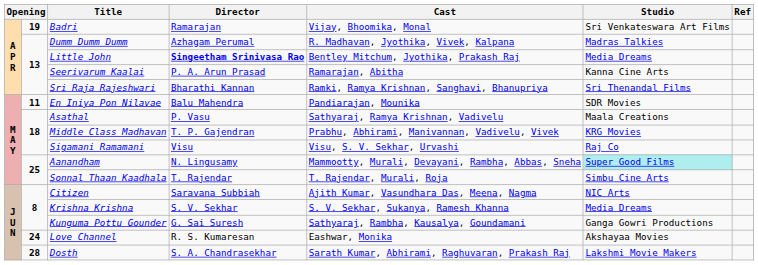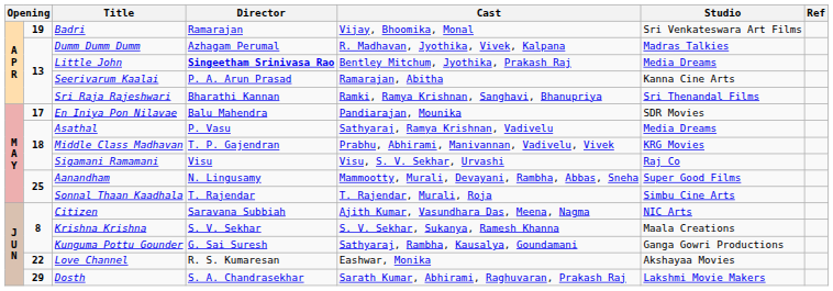 <table class="wikitable">
 <tr>
 <th colspan="2">Opening</th>
 <th>Title</th>
 <th>Director</th>
 <th>Cast</th>
 <th>Studio</th>
 <th>Ref</th>
 </tr>
 <tr April!>
 <td rowspan="5" valign="center" align="center" style="background:#FFDEAD; textcolor:#000;"><strong>A<br>P<br>R</strong></td>
 <td rowspan="1" align="center"><strong>19</strong></td>
 <td><em><a href='#'>Badri</a></em></td>
 <td><a href='#'>Ramarajan</a></td>
 <td><a href='#'>Vijay</a>, <a href='#'>Bhoomika</a>, <a href='#'>Monal</a></td>
 <td>Sri Venkateswara Art Films</td>
 <td></td>
 </tr>
 <tr>
 <td rowspan="4" align="center"><strong>13</strong></td>
 <td><em><a href='#'>Dumm Dumm Dumm</a></em></td>
 <td><a href='#'>Azhagam Perumal</a></td>
 <td><a href='#'>R. Madhavan</a>, <a href='#'>Jyothika</a>, <a href='#'>Vivek</a>, <a href='#'>Kalpana</a></td>
 <td><a href='#'>Madras Talkies</a></td>
 <td></td>
 </tr>
 <tr>
 <td><em><a href='#'>Little John</a></em></td>
 <td><strong><a href='#'>Singeetham Srinivasa Rao</a></strong></td>
 <td><a href='#'>Bentley Mitchum</a>, <a href='#'>Jyothika</a>, <a href='#'>Prakash Raj</a></td>
 <td><a href='#'>Media Dreams</a></td>
 <td></td>
 </tr>
 <tr>
 <td><em><a href='#'>Seerivarum Kaalai</a></em></td>
 <td><a href='#'>P. A. Arun Prasad</a></td>
 <td><a href='#'>Ramarajan</a>, <a href='#'>Abitha</a></td>
 <td>Kanna Cine Arts</td>
 <td></td>
 </tr>
 <tr>
 <td><em><a href='#'>Sri Raja Rajeshwari</a></em></td>
 <td><a href='#'>Bharathi Kannan</a></td>
 <td><a href='#'>Ramki</a>, <a href='#'>Ramya Krishnan</a>, <a href='#'>Sanghavi</a>, <a href='#'>Bhanupriya</a></td>
 <td><a href='#'>Sri Thenandal Films</a></td>
 <td></td>
 </tr>
 <tr May!>
 <td rowspan="6" valign="center" align="center" style="background:#edafaf; textcolor:#000;"><strong>M<br>A<br>Y</strong></td>
-<td rowspan="1" align="center"><strong>11</strong></td>
+<td rowspan="1" align="center"><strong>17</strong></td>
 <td><em><a href='#'>En Iniya Pon Nilavae</a></em></td>
 <td><a href='#'>Balu Mahendra</a></td>
 <td><a href='#'>Pandiarajan</a>, <a href='#'>Mounika</a></td>
 <td>SDR Movies</td>
 <td></td>
 </tr>
 <tr>
 <td rowspan="3" align="center"><strong>18</strong></td>
 <td><em><a href='#'>Asathal</a></em></td>
 <td><a href='#'>P. Vasu</a></td>
 <td><a href='#'>Sathyaraj</a>, <a href='#'>Ramya Krishnan</a>, <a href='#'>Vadivelu</a></td>
-<td>Maala Creations</td>
+<td><a href='#'>Media Dreams</a></td>
 <td></td>
 </tr>
 <tr>
 <td><em><a href='#'>Middle Class Madhavan</a></em></td>
 <td><a href='#'>T. P. Gajendran</a></td>
 <td><a href='#'>Prabhu</a>, <a href='#'>Abhirami</a>, <a href='#'>Manivannan</a>, <a href='#'>Vadivelu</a>, <a href='#'>Vivek</a></td>
 <td><a href='#'>KRG Movies</a></td>
 <td></td>
 </tr>
 <tr>
 <td><em><a href='#'>Sigamani Ramamani</a></em></td>
 <td><a href='#'>Visu</a></td>
 <td><a href='#'>Visu</a>, <a href='#'>S. V. Sekhar</a>, <a href='#'>Urvashi</a></td>
 <td><a href='#'>Raj Co</a></td>
 <td></td>
 </tr>
 <tr>
 <td rowspan="2" align="center"><strong>25</strong></td>
 <td><em><a href='#'>Aanandham</a></em></td>
 <td><a href='#'>N. Lingusamy</a></td>
 <td><a href='#'>Mammootty</a>, <a href='#'>Murali</a>, <a href='#'>Devayani</a>, <a href='#'>Rambha</a>, <a href='#'>Abbas</a>, <a href='#'>Sneha</a></td>
-<td style="background: paleturquoise;"><a href='#'>Super Good Films</a></td>
+<td><a href='#'>Super Good Films</a></td>
 <td></td>
 </tr>
 <tr>
 <td><em><a href='#'>Sonnal Thaan Kaadhala</a></em></td>
 <td><a href='#'>T. Rajendar</a></td>
 <td><a href='#'>T. Rajendar</a>, <a href='#'>Murali</a>, <a href='#'>Roja</a></td>
 <td><a href='#'>Simbu Cine Arts</a></td>
 <td></td>
 </tr>
 <tr June!>
 <td rowspan="5" valign="center" align="center" style="background:#d9c1b0; textcolor:#000;"><strong>J<br>U<br>N</strong></td>
 <td rowspan="3" align="center"><strong>8</strong></td>
 <td><em><a href='#'>Citizen</a></em></td>
 <td><a href='#'>Saravana Subbiah</a></td>
 <td><a href='#'>Ajith Kumar</a>, <a href='#'>Vasundhara Das</a>, <a href='#'>Meena</a>, <a href='#'>Nagma</a></td>
 <td><a href='#'>NIC Arts</a></td>
 <td></td>
 </tr>
 <tr>
 <td><em><a href='#'>Krishna Krishna</a></em></td>
 <td><a href='#'>S. V. Sekhar</a></td>
 <td><a href='#'>S. V. Sekhar</a>, <a href='#'>Sukanya</a>, <a href='#'>Ramesh Khanna</a></td>
-<td><a href='#'>Media Dreams</a></td>
+<td>Maala Creations</td>
 <td></td>
 </tr>
 <tr>
 <td><em><a href='#'>Kunguma Pottu Gounder</a></em></td>
 <td><a href='#'>G. Sai Suresh</a></td>
 <td><a href='#'>Sathyaraj</a>, <a href='#'>Rambha</a>, <a href='#'>Kausalya</a>, <a href='#'>Goundamani</a></td>
 <td>Ganga Gowri Productions</td>
 <td></td>
 </tr>
 <tr>
-<td rowspan="1" align="center"><strong>24</strong></td>
+<td rowspan="1" align="center"><strong>22</strong></td>
 <td><em><a href='#'>Love Channel</a></em></td>
 <td>R. S. Kumaresan</td>
 <td>Eashwar, <a href='#'>Monika</a></td>
 <td>Akshayaa Movies</td>
 <td></td>
 </tr>
 <tr>
-<td rowspan="1" align="center"><strong>28</strong></td>
+<td rowspan="1" align="center"><strong>29</strong></td>
 <td><em><a href='#'>Dosth</a></em></td>
 <td><a href='#'>S. A. Chandrasekhar</a></td>
 <td><a href='#'>Sarath Kumar</a>, <a href='#'>Abhirami</a>, <a href='#'>Raghuvaran</a>, <a href='#'>Prakash Raj</a></td>
 <td><a href='#'>Lakshmi Movie Makers</a></td>
 <td></td>
 </tr>
 </table>
